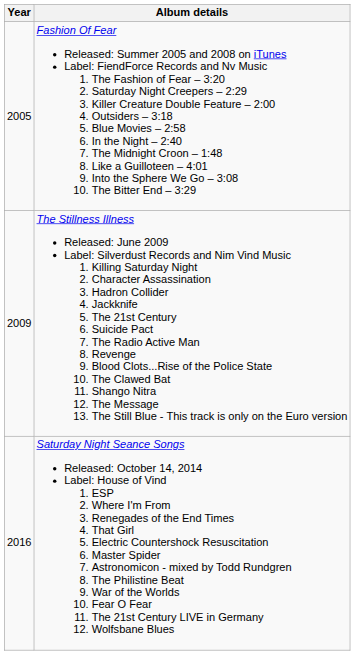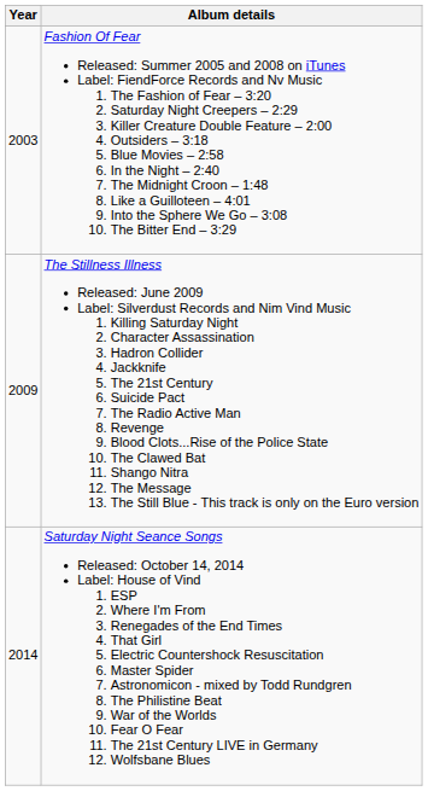 <table class="wikitable">
 <tr>
 <th>Year</th>
 <th>Album details</th>
 </tr>
 <tr>
-<td>2005</td>
+<td>2003</td>
 <td><em><a href='#'>Fashion Of Fear</a></em><br><ul><li>Released: Summer 2005 and 2008 on <a href='#'>iTunes</a></li><li>Label: FiendForce Records and Nv Music<ol><li>The Fashion of Fear – 3:20</li><li>Saturday Night Creepers – 2:29</li><li>Killer Creature Double Feature – 2:00</li><li>Outsiders – 3:18</li><li>Blue Movies – 2:58</li><li>In the Night – 2:40</li><li>The Midnight Croon – 1:48</li><li>Like a Guilloteen – 4:01</li><li>Into the Sphere We Go – 3:08</li><li>The Bitter End – 3:29</li></ol></li></ul></td>
 </tr>
 <tr>
 <td>2009</td>
 <td><em><a href='#'>The Stillness Illness</a></em><br><ul><li>Released: June 2009</li><li>Label: Silverdust Records and Nim Vind Music<ol><li>Killing Saturday Night</li><li>Character Assassination</li><li>Hadron Collider</li><li>Jackknife</li><li>The 21st Century</li><li>Suicide Pact</li><li>The Radio Active Man</li><li>Revenge</li><li>Blood Clots...Rise of the Police State</li><li>The Clawed Bat</li><li>Shango Nitra</li><li>The Message</li><li>The Still Blue - This track is only on the Euro version</li></ol></li></ul></td>
 </tr>
 <tr>
-<td>2016</td>
+<td>2014</td>
 <td><em><a href='#'>Saturday Night Seance Songs</a></em><br><ul><li>Released: October 14, 2014</li><li>Label: House of Vind<ol><li>ESP</li><li>Where I'm From</li><li>Renegades of the End Times</li><li>That Girl</li><li>Electric Countershock Resuscitation</li><li>Master Spider</li><li>Astronomicon - mixed by Todd Rundgren</li><li>The Philistine Beat</li><li>War of the Worlds</li><li>Fear O Fear</li><li>The 21st Century LIVE in Germany</li><li>Wolfsbane Blues</li></ol></li></ul></td>
 </tr>
 </table>
